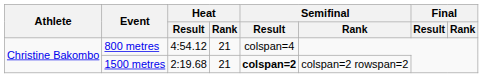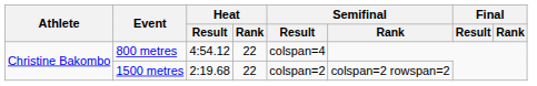 <table class=wikitable style=font-size:90%>
 <tr>
 <th rowspan=2>Athlete</th>
 <th rowspan=2>Event</th>
 <th colspan=2>Heat</th>
 <th colspan=2>Semifinal</th>
 <th colspan=2>Final</th>
 </tr>
 <tr style=font-size:95%>
 <th>Result</th>
 <th>Rank</th>
 <th>Result</th>
 <th>Rank</th>
 <th>Result</th>
 <th>Rank</th>
 </tr>
 <tr align=center>
 <td align=left rowspan=2><a href='#'>Christine Bakombo</a></td>
 <td align=left><a href='#'>800 metres</a></td>
 <td>4:54.12</td>
-<td>21</td>
+<td>22</td>
 <td>colspan=4 </td>
 </tr>
 <tr align=center>
 <td align=left><a href='#'>1500 metres</a></td>
 <td>2:19.68</td>
-<td>21</td>
-<td><strong>colspan=2 </strong></td>
+<td>22</td>
+<td>colspan=2 </td>
 <td>colspan=2 rowspan=2 </td>
 </tr>
 </table>
